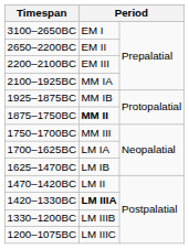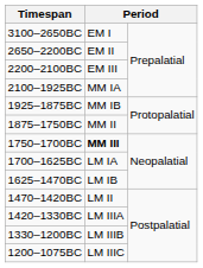 <table class="wikitable floatright border: gray solid 1px; text-align: center; background: white;">
 <tr style="background: #ececec;">
 <th>Timespan</th>
 <th colspan=2>Period</th>
 </tr>
 <tr>
 <td>3100–2650BC</td>
 <td>EM I</td>
 <td rowspan="4">Prepalatial</td>
 </tr>
 <tr>
 <td>2650–2200BC</td>
 <td>EM II</td>
 </tr>
 <tr>
 <td>2200–2100BC</td>
 <td>EM III</td>
 </tr>
 <tr>
 <td>2100–1925BC</td>
 <td>MM IA</td>
 </tr>
 <tr>
 <td>1925–1875BC</td>
 <td>MM IB</td>
 <td rowspan="2">Protopalatial</td>
 </tr>
 <tr>
 <td>1875–1750BC</td>
-<td><strong>MM II</strong></td>
+<td>MM II</td>
 </tr>
 <tr>
 <td>1750–1700BC</td>
-<td>MM III</td>
+<td><strong>MM III</strong></td>
 <td rowspan="3">Neopalatial</td>
 </tr>
 <tr>
 <td>1700–1625BC</td>
 <td>LM IA</td>
 </tr>
 <tr>
 <td>1625–1470BC</td>
 <td>LM IB</td>
 </tr>
 <tr>
 <td>1470–1420BC</td>
 <td>LM II</td>
 <td rowspan="4">Postpalatial</td>
 </tr>
 <tr>
 <td>1420–1330BC</td>
-<td><strong>LM IIIA</strong></td>
+<td>LM IIIA</td>
 </tr>
 <tr>
 <td>1330–1200BC</td>
 <td>LM IIIB</td>
 </tr>
 <tr>
 <td>1200–1075BC</td>
 <td>LM IIIC</td>
 </tr>
 </table>
